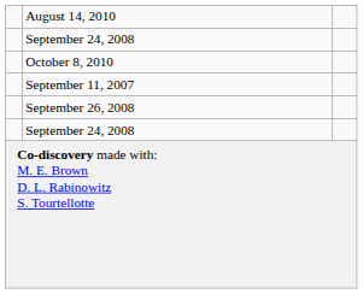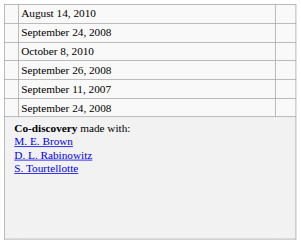 <table class="wikitable" style="font-size: 89%; float: left; width: 26em; margin-right: 1em; height: 280px;">
 <tr>
 <td></td>
 <td>August 14, 2010</td>
 <td> </td>
 </tr>
 <tr>
 <td></td>
 <td>September 24, 2008</td>
 <td> </td>
 </tr>
 <tr>
 <td><strong></strong></td>
 <td>October 8, 2010</td>
 <td></td>
 </tr>
 <tr>
 <td></td>
-<td>September 11, 2007</td>
+<td>September 26, 2008</td>
 <td> </td>
 </tr>
 <tr>
 <td></td>
-<td>September 26, 2008</td>
+<td>September 11, 2007</td>
 <td> </td>
 </tr>
 <tr>
 <td></td>
 <td>September 24, 2008</td>
 <td> </td>
 </tr>
 <tr>
 <th colspan=3 style="font-weight: normal; text-align: left; padding: 6px 12px 80px;"><strong>Co-discovery</strong> made with:<br> <a href='#'>M. E. Brown</a><br> <a href='#'>D. L. Rabinowitz</a><br> <a href='#'>S. Tourtellotte</a></th>
 </tr>
 </table>
